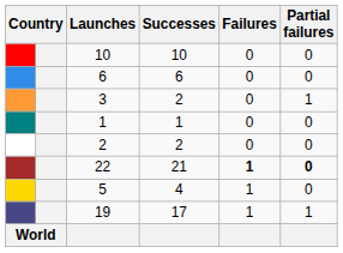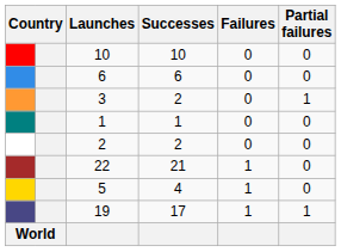 <table class="wikitable sortable" style="text-align:center;">
 <tr>
 <th colspan=2>Country</th>
 <th>Launches</th>
 <th>Successes</th>
 <th>Failures</th>
 <th>Partial <br> failures</th>
 </tr>
 <tr>
 <th scope=row style="background:#ff0000;"></th>
 <th style="text-align:left;"></th>
 <td>10</td>
 <td>10</td>
 <td>0</td>
 <td>0</td>
 </tr>
 <tr>
 <th scope=row style="background:#318ce7;"></th>
 <th style="text-align:left;"></th>
 <td>6</td>
 <td>6</td>
 <td>0</td>
 <td>0</td>
 </tr>
 <tr>
 <th scope=row style="background:#ff9933;"></th>
 <th style="text-align:left;"></th>
 <td>3</td>
 <td>2</td>
 <td>0</td>
 <td>1</td>
 </tr>
 <tr>
 <th scope=row style="background:#008080;"></th>
 <th style="text-align:left;"></th>
 <td>1</td>
 <td>1</td>
 <td>0</td>
 <td>0</td>
 </tr>
 <tr>
 <th scope=row style="background:#ffffff;"></th>
 <th style="text-align:left;"></th>
 <td>2</td>
 <td>2</td>
 <td>0</td>
 <td>0</td>
 </tr>
 <tr>
 <th scope=row style="background:#a52a2a;"></th>
 <th style="text-align:left;"></th>
 <td>22</td>
 <td>21</td>
-<td><strong>1</strong></td>
-<td><strong>0</strong></td>
+<td>1</td>
+<td>0</td>
 </tr>
 <tr>
 <th scope=row style="background:#ffd700;"></th>
 <th style="text-align:left;"></th>
 <td>5</td>
 <td>4</td>
 <td>1</td>
 <td>0</td>
 </tr>
 <tr>
 <th scope=row style="background:#484785;"></th>
 <th style="text-align:left;"></th>
 <td>19</td>
 <td>17</td>
 <td>1</td>
 <td>1</td>
 </tr>
 <tr class="sortbottom">
 <th colspan="2">World</th>
 <th></th>
 <th></th>
 <th></th>
 <th></th>
 </tr>
 </table>
